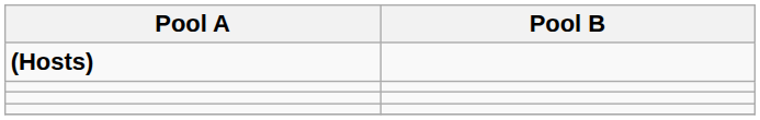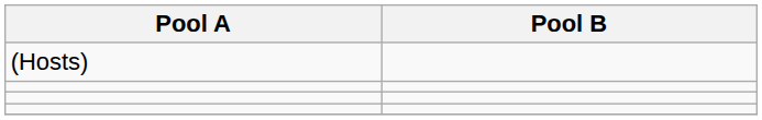 <table class="wikitable" width=500>
 <tr>
 <th width=25%>Pool A</th>
 <th width=25%>Pool B</th>
 </tr>
 <tr>
-<td><strong> (Hosts)</strong></td>
+<td> (Hosts)</td>
 <td></td>
 </tr>
 <tr>
 <td></td>
 <td></td>
 </tr>
 <tr>
 <td></td>
 <td></td>
 </tr>
 <tr>
 <td></td>
 <td></td>
 </tr>
 <tr>
 </tr>
 </table>
